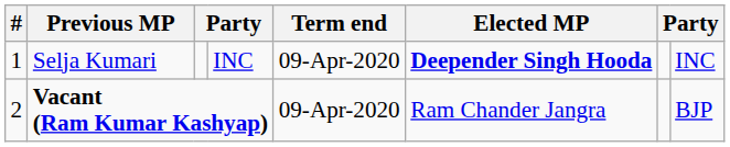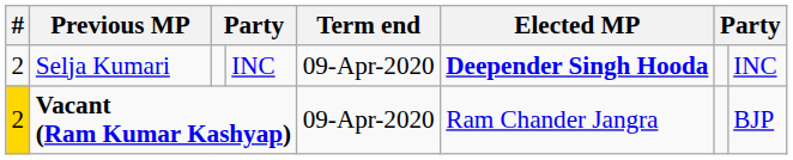 <table class="wikitable sortable">
 <tr>
 <th>#</th>
 <th>Previous MP</th>
 <th colspan="2">Party</th>
 <th>Term end</th>
 <th>Elected MP</th>
 <th colspan="2">Party</th>
 </tr>
 <tr>
-<td>1</td>
+<td>2</td>
 <td><a href='#'>Selja Kumari</a></td>
 <td></td>
 <td><a href='#'>INC</a></td>
 <td>09-Apr-2020</td>
 <td><strong><a href='#'>Deepender Singh Hooda</a></strong></td>
 <td></td>
 <td><a href='#'>INC</a></td>
 </tr>
 <tr>
-<td>2</td>
+<td style="background: gold;">2</td>
 <td colspan="3"><strong>Vacant<br> (<a href='#'>Ram Kumar Kashyap</a>)</strong></td>
 <td>09-Apr-2020</td>
 <td><a href='#'>Ram Chander Jangra</a></td>
 <td width="1px"></td>
 <td><a href='#'>BJP</a></td>
 </tr>
 </table>
